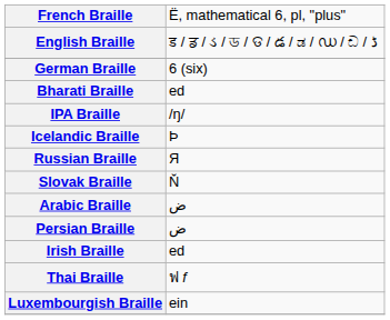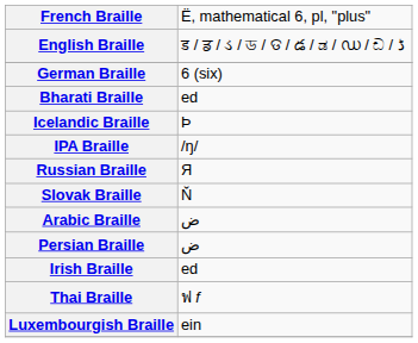 <table class="wikitable">
 <tr>
 <th align=left><a href='#'>French Braille</a></th>
 <td>Ë, mathematical 6, pl, "plus"</td>
 </tr>
 <tr>
 <th align=left><a href='#'>English Braille</a></th>
 <td>ड / ਡ / ડ / ড / ଡ / డ / ಡ / ഡ / ඩ / ڈ ‎</td>
 </tr>
 <tr>
 </tr>
 <tr>
 <th align=left><a href='#'>German Braille</a></th>
 <td>6 (six)</td>
 </tr>
 <tr>
 <th align=left><a href='#'>Bharati Braille</a></th>
 <td>ed</td>
 </tr>
 <tr>
+<th align=left><a href='#'>Icelandic Braille</a></th>
+<td>Þ</td>
+</tr>
+<tr>
 <th align=left><a href='#'>IPA Braille</a></th>
 <td>/ŋ/</td>
-</tr>
-<tr>
-<th align=left><a href='#'>Icelandic Braille</a></th>
-<td>Þ</td>
 </tr>
 <tr>
 <th align=left><a href='#'>Russian Braille</a></th>
 <td>Я</td>
 </tr>
 <tr>
 <th align=left><a href='#'>Slovak Braille</a></th>
 <td>Ň</td>
 </tr>
 <tr>
 <th align=left><a href='#'>Arabic Braille</a></th>
 <td>ض</td>
 </tr>
 <tr>
 <th align=left><a href='#'>Persian Braille</a></th>
 <td>ض</td>
 </tr>
 <tr>
 <th align=left><a href='#'>Irish Braille</a></th>
 <td>ed</td>
 </tr>
 <tr>
 <th align=left><a href='#'>Thai Braille</a></th>
 <td>ฟ <em>f</em></td>
 </tr>
 <tr>
 <th align=left><a href='#'>Luxembourgish Braille</a></th>
 <td>ein</td>
 </tr>
 <tr>
 </tr>
 </table>
